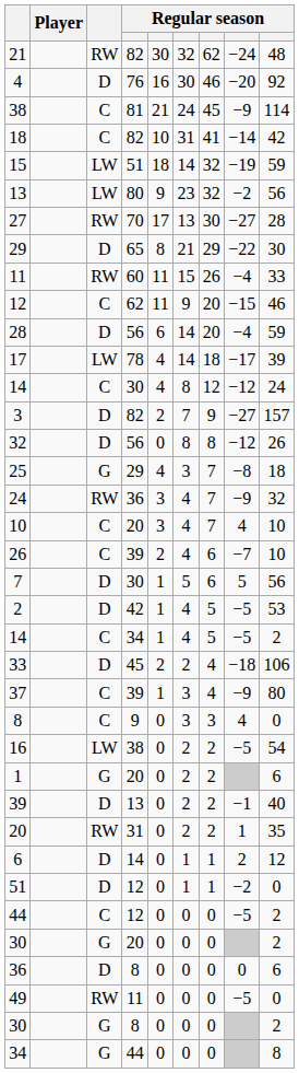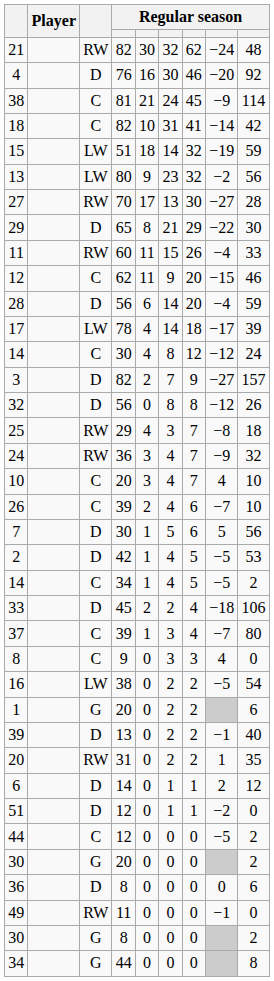 <table class="wikitable sortable plainrowheaders" style="text-align:center;">
 <tr>
 <th scope="col" data-sort-type="number" rowspan="2"></th>
 <th scope="col" rowspan="2">Player</th>
 <th scope="col" rowspan="2"></th>
 <th scope=colgroup colspan=6>Regular season</th>
 </tr>
 <tr>
 <th scope="col" data-sort-type="number"></th>
 <th scope="col" data-sort-type="number"></th>
 <th scope="col" data-sort-type="number"></th>
 <th scope="col" data-sort-type="number"></th>
 <th scope="col" data-sort-type="number"></th>
 <th scope="col" data-sort-type="number"></th>
 </tr>
 <tr>
 <td scope="row">21</td>
 <td align="left"></td>
 <td>RW</td>
 <td>82</td>
 <td>30</td>
 <td>32</td>
 <td>62</td>
 <td>−24</td>
 <td>48</td>
 </tr>
 <tr>
 <td scope="row">4</td>
 <td align="left"></td>
 <td>D</td>
 <td>76</td>
 <td>16</td>
 <td>30</td>
 <td>46</td>
 <td>−20</td>
 <td>92</td>
 </tr>
 <tr>
 <td scope="row">38</td>
 <td align="left"></td>
 <td>C</td>
 <td>81</td>
 <td>21</td>
 <td>24</td>
 <td>45</td>
 <td>−9</td>
 <td>114</td>
 </tr>
 <tr>
 <td scope="row">18</td>
 <td align="left"></td>
 <td>C</td>
 <td>82</td>
 <td>10</td>
 <td>31</td>
 <td>41</td>
 <td>−14</td>
 <td>42</td>
 </tr>
 <tr>
 <td scope="row">15</td>
 <td align="left"></td>
 <td>LW</td>
 <td>51</td>
 <td>18</td>
 <td>14</td>
 <td>32</td>
 <td>−19</td>
 <td>59</td>
 </tr>
 <tr>
 <td scope="row">13</td>
 <td align="left"></td>
 <td>LW</td>
 <td>80</td>
 <td>9</td>
 <td>23</td>
 <td>32</td>
 <td>−2</td>
 <td>56</td>
 </tr>
 <tr>
 <td scope="row">27</td>
 <td align="left"></td>
 <td>RW</td>
 <td>70</td>
 <td>17</td>
 <td>13</td>
 <td>30</td>
 <td>−27</td>
 <td>28</td>
 </tr>
 <tr>
 <td scope="row">29</td>
 <td align="left"></td>
 <td>D</td>
 <td>65</td>
 <td>8</td>
 <td>21</td>
 <td>29</td>
 <td>−22</td>
 <td>30</td>
 </tr>
 <tr>
 <td scope="row">11</td>
 <td align="left"></td>
 <td>RW</td>
 <td>60</td>
 <td>11</td>
 <td>15</td>
 <td>26</td>
 <td>−4</td>
 <td>33</td>
 </tr>
 <tr>
 <td scope="row">12</td>
 <td align="left"></td>
 <td>C</td>
 <td>62</td>
 <td>11</td>
 <td>9</td>
 <td>20</td>
 <td>−15</td>
 <td>46</td>
 </tr>
 <tr>
 <td scope="row">28</td>
 <td align="left"></td>
 <td>D</td>
 <td>56</td>
 <td>6</td>
 <td>14</td>
 <td>20</td>
 <td>−4</td>
 <td>59</td>
 </tr>
 <tr>
 <td scope="row">17</td>
 <td align="left"></td>
 <td>LW</td>
 <td>78</td>
 <td>4</td>
 <td>14</td>
 <td>18</td>
 <td>−17</td>
 <td>39</td>
 </tr>
 <tr>
 <td scope="row">14</td>
 <td align="left"></td>
 <td>C</td>
 <td>30</td>
 <td>4</td>
 <td>8</td>
 <td>12</td>
 <td>−12</td>
 <td>24</td>
 </tr>
 <tr>
 <td scope="row">3</td>
 <td align="left"></td>
 <td>D</td>
 <td>82</td>
 <td>2</td>
 <td>7</td>
 <td>9</td>
 <td>−27</td>
 <td>157</td>
 </tr>
 <tr>
 <td scope="row">32</td>
 <td align="left"></td>
 <td>D</td>
 <td>56</td>
 <td>0</td>
 <td>8</td>
 <td>8</td>
 <td>−12</td>
 <td>26</td>
 </tr>
 <tr>
 <td scope="row">25</td>
 <td align="left"></td>
-<td>G</td>
+<td>RW</td>
 <td>29</td>
 <td>4</td>
 <td>3</td>
 <td>7</td>
 <td>−8</td>
 <td>18</td>
 </tr>
 <tr>
 <td scope="row">24</td>
 <td align="left"></td>
 <td>RW</td>
 <td>36</td>
 <td>3</td>
 <td>4</td>
 <td>7</td>
 <td>−9</td>
 <td>32</td>
 </tr>
 <tr>
 <td scope="row">10</td>
 <td align="left"></td>
 <td>C</td>
 <td>20</td>
 <td>3</td>
 <td>4</td>
 <td>7</td>
 <td>4</td>
 <td>10</td>
 </tr>
 <tr>
 <td scope="row">26</td>
 <td align="left"></td>
 <td>C</td>
 <td>39</td>
 <td>2</td>
 <td>4</td>
 <td>6</td>
 <td>−7</td>
 <td>10</td>
 </tr>
 <tr>
 <td scope="row">7</td>
 <td align="left"></td>
 <td>D</td>
 <td>30</td>
 <td>1</td>
 <td>5</td>
 <td>6</td>
 <td>5</td>
 <td>56</td>
 </tr>
 <tr>
 <td scope="row">2</td>
 <td align="left"></td>
 <td>D</td>
 <td>42</td>
 <td>1</td>
 <td>4</td>
 <td>5</td>
 <td>−5</td>
 <td>53</td>
 </tr>
 <tr>
 <td scope="row">14</td>
 <td align="left"></td>
 <td>C</td>
 <td>34</td>
 <td>1</td>
 <td>4</td>
 <td>5</td>
 <td>−5</td>
 <td>2</td>
 </tr>
 <tr>
 <td scope="row">33</td>
 <td align="left"></td>
 <td>D</td>
 <td>45</td>
 <td>2</td>
 <td>2</td>
 <td>4</td>
 <td>−18</td>
 <td>106</td>
 </tr>
 <tr>
 <td scope="row">37</td>
 <td align="left"></td>
 <td>C</td>
 <td>39</td>
 <td>1</td>
 <td>3</td>
 <td>4</td>
-<td>−9</td>
+<td>−7</td>
 <td>80</td>
 </tr>
 <tr>
 <td scope="row">8</td>
 <td align="left"></td>
 <td>C</td>
 <td>9</td>
 <td>0</td>
 <td>3</td>
 <td>3</td>
 <td>4</td>
 <td>0</td>
 </tr>
 <tr>
 <td scope="row">16</td>
 <td align="left"></td>
 <td>LW</td>
 <td>38</td>
 <td>0</td>
 <td>2</td>
 <td>2</td>
 <td>−5</td>
 <td>54</td>
 </tr>
 <tr>
 <td scope="row">1</td>
 <td align="left"></td>
 <td>G</td>
 <td>20</td>
 <td>0</td>
 <td>2</td>
 <td>2</td>
 <td style="background:#ccc"></td>
 <td>6</td>
 </tr>
 <tr>
 <td scope="row">39</td>
 <td align="left"></td>
 <td>D</td>
 <td>13</td>
 <td>0</td>
 <td>2</td>
 <td>2</td>
 <td>−1</td>
 <td>40</td>
 </tr>
 <tr>
 <td scope="row">20</td>
 <td align="left"></td>
 <td>RW</td>
 <td>31</td>
 <td>0</td>
 <td>2</td>
 <td>2</td>
 <td>1</td>
 <td>35</td>
 </tr>
 <tr>
 <td scope="row">6</td>
 <td align="left"></td>
 <td>D</td>
 <td>14</td>
 <td>0</td>
 <td>1</td>
 <td>1</td>
 <td>2</td>
 <td>12</td>
 </tr>
 <tr>
 <td scope="row">51</td>
 <td align="left"></td>
 <td>D</td>
 <td>12</td>
 <td>0</td>
 <td>1</td>
 <td>1</td>
 <td>−2</td>
 <td>0</td>
 </tr>
 <tr>
 <td scope="row">44</td>
 <td align="left"></td>
 <td>C</td>
 <td>12</td>
 <td>0</td>
 <td>0</td>
 <td>0</td>
 <td>−5</td>
 <td>2</td>
 </tr>
 <tr>
 <td scope="row">30</td>
 <td align="left"></td>
 <td>G</td>
 <td>20</td>
 <td>0</td>
 <td>0</td>
 <td>0</td>
 <td style="background:#ccc"></td>
 <td>2</td>
 </tr>
 <tr>
 <td scope="row">36</td>
 <td align="left"></td>
 <td>D</td>
 <td>8</td>
 <td>0</td>
 <td>0</td>
 <td>0</td>
 <td>0</td>
 <td>6</td>
 </tr>
 <tr>
 <td scope="row">49</td>
 <td align="left"></td>
 <td>RW</td>
 <td>11</td>
 <td>0</td>
 <td>0</td>
 <td>0</td>
-<td>−5</td>
+<td>−1</td>
 <td>0</td>
 </tr>
 <tr>
 <td scope="row">30</td>
 <td align="left"></td>
 <td>G</td>
 <td>8</td>
 <td>0</td>
 <td>0</td>
 <td>0</td>
 <td style="background:#ccc"></td>
 <td>2</td>
 </tr>
 <tr>
 <td scope="row">34</td>
 <td align="left"></td>
 <td>G</td>
 <td>44</td>
 <td>0</td>
 <td>0</td>
 <td>0</td>
 <td style="background:#ccc"></td>
 <td>8</td>
 </tr>
 </table>
